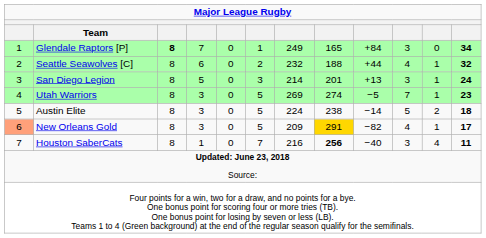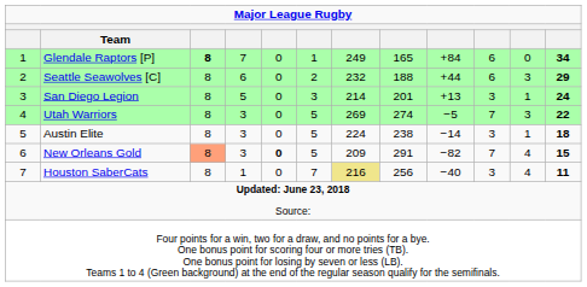 <table class="wikitable" style="text-align: center;">
 <tr style="background:#f9f9f9;">
 <td colspan="15" cellpadding="0" cellspacing="0"><strong><a href='#'>Major League Rugby</a></strong></td>
 </tr>
 <tr style="background:#f3f3f3;">
 <td colspan="15" cellpadding="0" cellspacing="0"></td>
 </tr>
 <tr style="font-weight: bold;">
 <th style="width:2.5em;"></th>
 <th scope="col" style="width:12em;">Team</th>
 <th style="width:2.5em;"></th>
 <th style="width:2.5em;"></th>
 <th style="width:2.5em;"></th>
 <th style="width:2.5em;"></th>
 <th style="width:3.5em;"></th>
 <th style="width:3.5em;"></th>
 <th style="width:3.5em;"></th>
 <th style="width:2.5em;"></th>
 <th style="width:2.5em;"></th>
 <th style="width:2.5em;"> </th>
 </tr>
 <tr bgcolor=#aaffaa>
 <td>1</td>
 <td align=left><a href='#'>Glendale Raptors</a> [P]</td>
 <td><strong>8</strong></td>
 <td>7</td>
 <td>0</td>
 <td>1</td>
 <td>249</td>
 <td>165</td>
 <td>+84</td>
-<td>3</td>
+<td>6</td>
 <td>0</td>
 <td><strong>34</strong></td>
 </tr>
 <tr bgcolor=#aaffaa>
 <td>2</td>
 <td align=left><a href='#'>Seattle Seawolves</a> [C]</td>
 <td>8</td>
 <td>6</td>
 <td>0</td>
 <td>2</td>
 <td>232</td>
 <td>188</td>
 <td>+44</td>
-<td>4</td>
-<td>1</td>
-<td><strong>32</strong></td>
+<td>6</td>
+<td>3</td>
+<td><strong>29</strong></td>
 </tr>
 <tr bgcolor="#aaffaa">
 <td>3</td>
 <td align="left"><a href='#'>San Diego Legion</a></td>
 <td>8</td>
 <td>5</td>
 <td>0</td>
 <td>3</td>
 <td>214</td>
 <td>201</td>
 <td>+13</td>
 <td>3</td>
 <td>1</td>
 <td><strong>24</strong></td>
 </tr>
 <tr bgcolor="#aaffaa">
 <td>4</td>
 <td align="left"><a href='#'>Utah Warriors</a></td>
 <td>8</td>
 <td>3</td>
 <td>0</td>
 <td>5</td>
 <td>269</td>
 <td>274</td>
 <td>−5</td>
 <td>7</td>
-<td>1</td>
-<td><strong>23</strong></td>
+<td>3</td>
+<td><strong>22</strong></td>
 </tr>
 <tr>
 <td>5</td>
 <td align="left">Austin Elite</td>
 <td>8</td>
 <td>3</td>
 <td>0</td>
 <td>5</td>
 <td>224</td>
 <td>238</td>
 <td>−14</td>
-<td>5</td>
-<td>2</td>
+<td>3</td>
+<td>1</td>
 <td><strong>18</strong></td>
 </tr>
 <tr>
-<td style="background: lightsalmon;">6</td>
+<td>6</td>
 <td align="left"><a href='#'>New Orleans Gold</a></td>
-<td>8</td>
+<td style="background: lightsalmon;">8</td>
 <td>3</td>
-<td>0</td>
+<td><strong>0</strong></td>
 <td>5</td>
 <td>209</td>
-<td style="background: gold;">291</td>
+<td>291</td>
 <td>−82</td>
+<td>7</td>
 <td>4</td>
-<td>1</td>
-<td><strong>17</strong></td>
+<td><strong>15</strong></td>
 </tr>
 <tr>
 <td>7</td>
 <td align="left"><a href='#'>Houston SaberCats</a></td>
 <td>8</td>
 <td>1</td>
 <td>0</td>
 <td>7</td>
-<td>216</td>
-<td><strong>256</strong></td>
+<td style="background: khaki;">216</td>
+<td>256</td>
 <td>−40</td>
 <td>3</td>
 <td>4</td>
 <td><strong>11</strong></td>
 </tr>
 <tr>
 <td colspan="15" style="font-size:85%; border:0;"><strong>Updated: June 23, 2018</strong> <br><br>Source:  </td>
 </tr>
 <tr style="background:#fff;">
 <td colspan="15" style="font-size:85%;"><br>Four points for a win, two for a draw, and no points for a bye.<br> One bonus point for scoring four or more tries (TB).<br>One bonus point for losing by seven or less (LB).<br>   Teams 1 to 4 <span>(Green background)</span> at the end of the regular season qualify for the semifinals.<br></td>
 </tr>
 </table>
